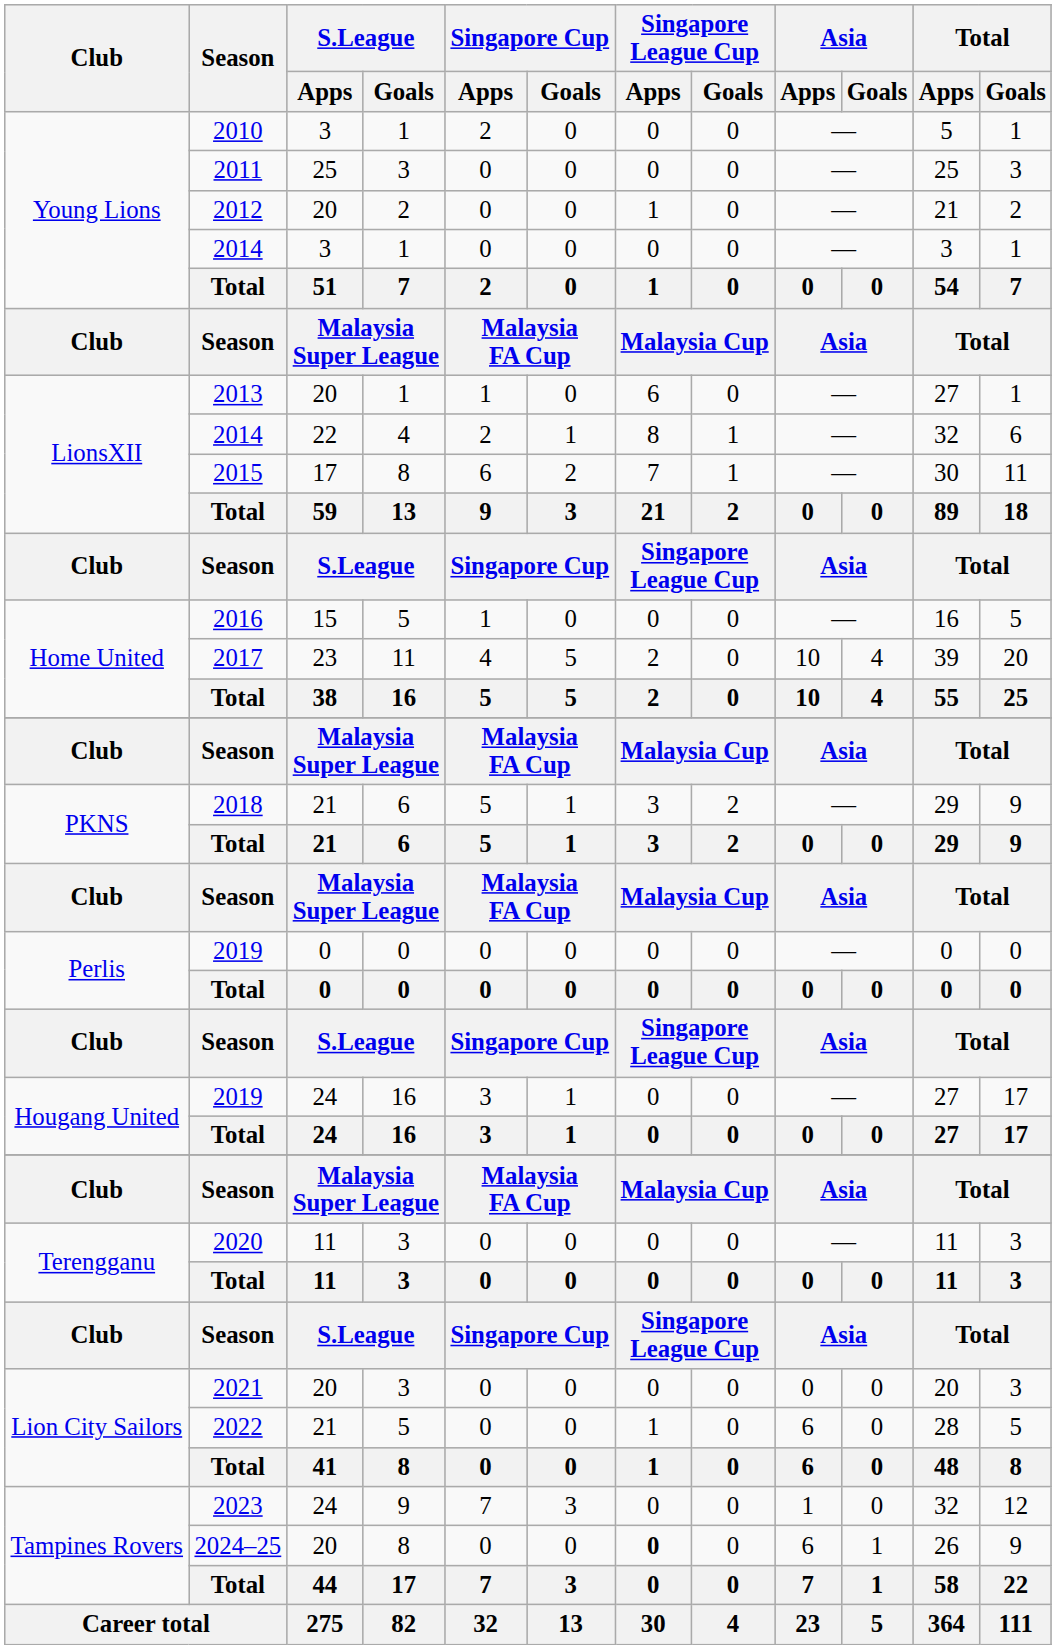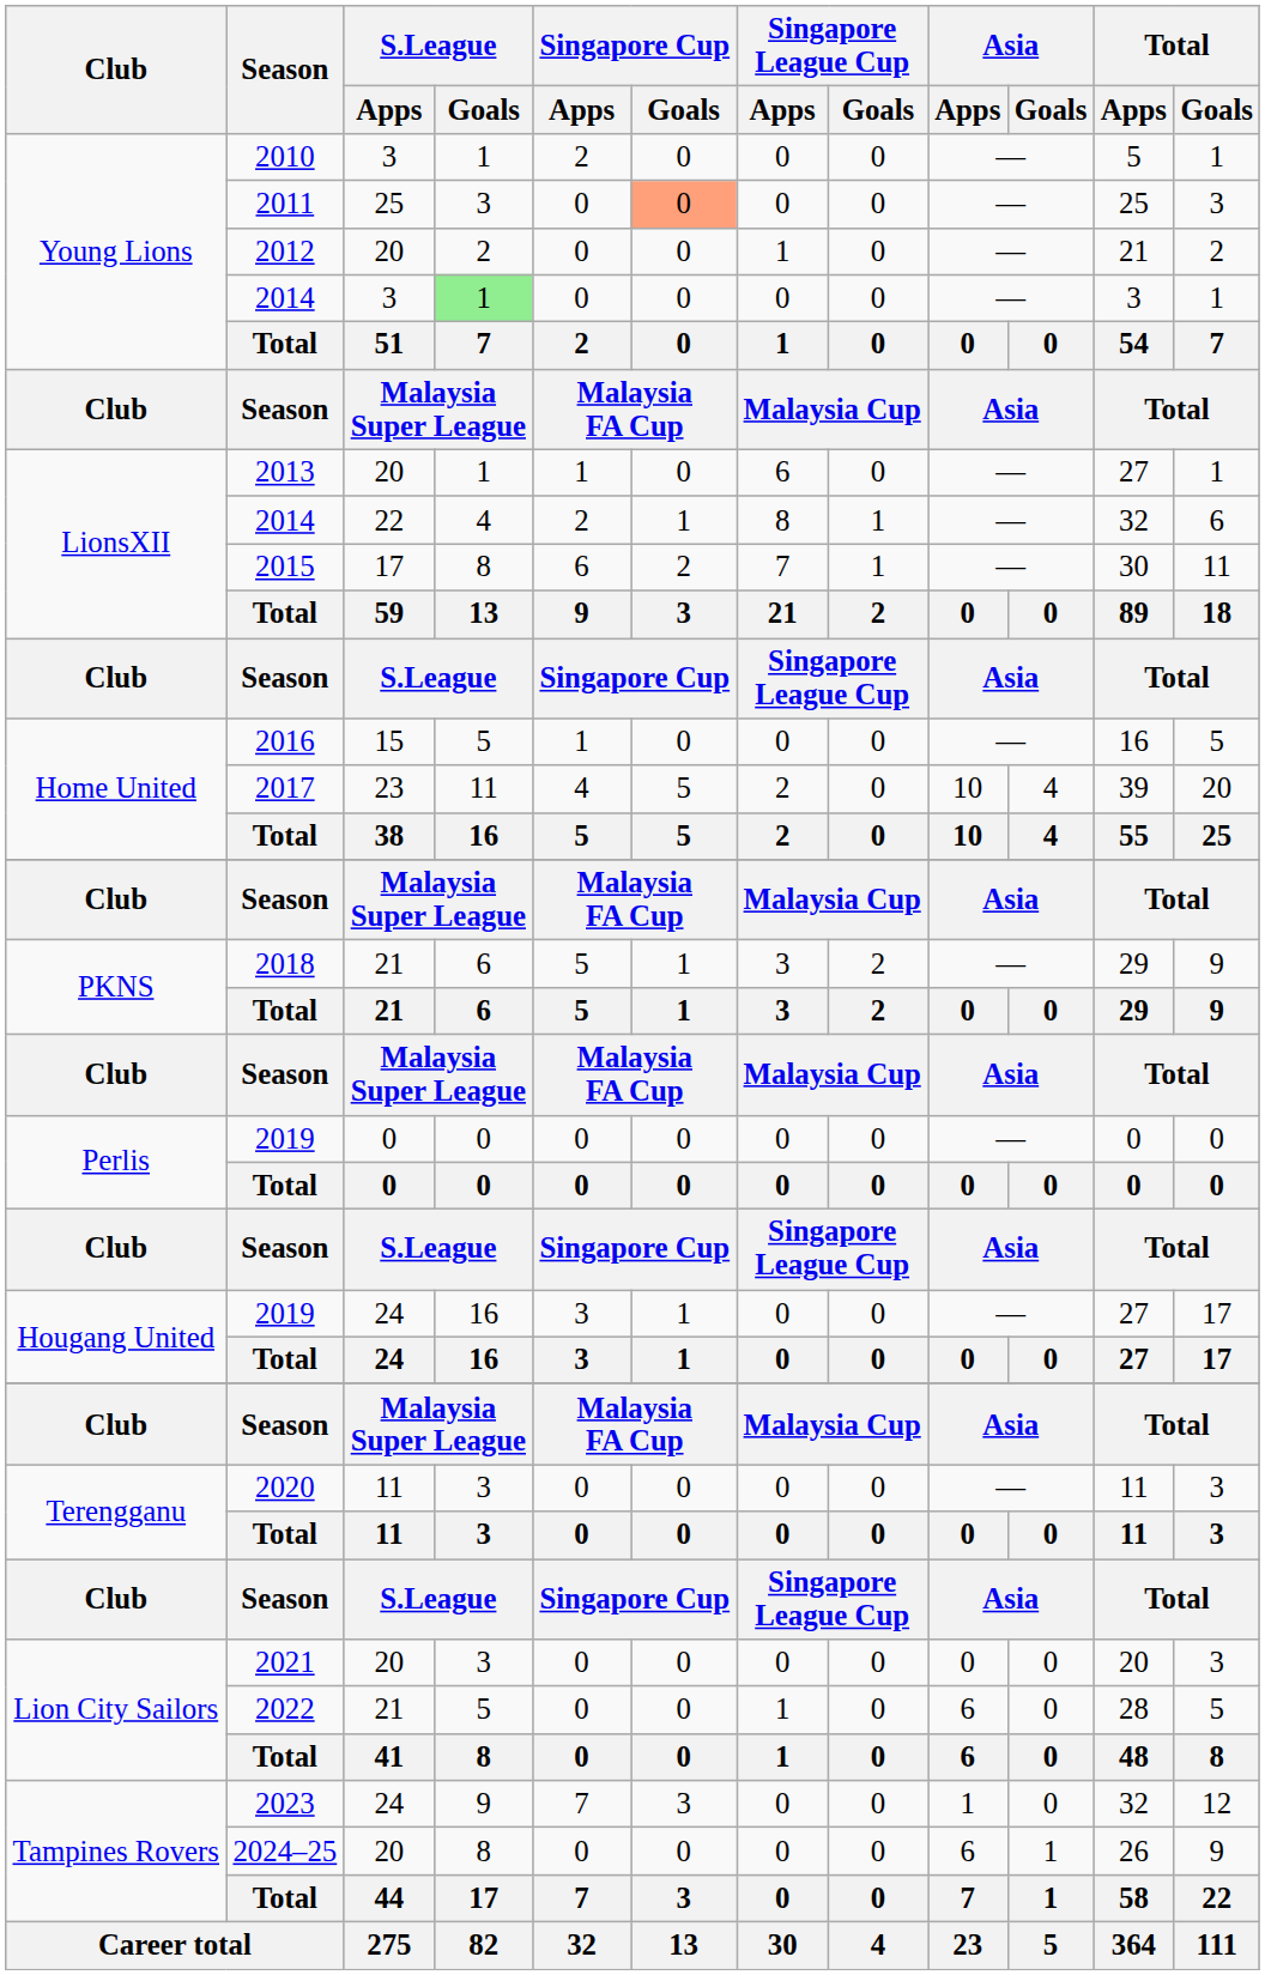 <table class="wikitable" style="text-align:center">
 <tr>
 <th rowspan="2">Club</th>
 <th rowspan="2">Season</th>
 <th colspan="2"><a href='#'>S.League</a></th>
 <th colspan="2"><a href='#'>Singapore Cup</a></th>
 <th colspan="2"><a href='#'>Singapore<br>League Cup</a></th>
 <th colspan="2"><a href='#'>Asia</a></th>
 <th colspan="2">Total</th>
 </tr>
 <tr>
 <th>Apps</th>
 <th>Goals</th>
 <th>Apps</th>
 <th>Goals</th>
 <th>Apps</th>
 <th>Goals</th>
 <th>Apps</th>
 <th>Goals</th>
 <th>Apps</th>
 <th>Goals</th>
 </tr>
 <tr>
 <td rowspan="5"><a href='#'>Young Lions</a></td>
 <td><a href='#'>2010</a></td>
 <td>3</td>
 <td>1</td>
 <td>2</td>
 <td>0</td>
 <td>0</td>
 <td>0</td>
 <td colspan='2'>—</td>
 <td>5</td>
 <td>1</td>
 </tr>
 <tr>
 <td><a href='#'>2011</a></td>
 <td>25</td>
 <td>3</td>
 <td>0</td>
-<td>0</td>
+<td style="background: lightsalmon;">0</td>
 <td>0</td>
 <td>0</td>
 <td colspan="2">—</td>
 <td>25</td>
 <td>3</td>
 </tr>
 <tr>
 <td><a href='#'>2012</a></td>
 <td>20</td>
 <td>2</td>
 <td>0</td>
 <td>0</td>
 <td>1</td>
 <td>0</td>
 <td colspan="2">—</td>
 <td>21</td>
 <td>2</td>
 </tr>
 <tr>
 <td><a href='#'>2014</a></td>
 <td>3</td>
-<td>1</td>
+<td style="background: lightgreen;">1</td>
 <td>0</td>
 <td>0</td>
 <td>0</td>
 <td>0</td>
 <td colspan="2">—</td>
 <td>3</td>
 <td>1</td>
 </tr>
 <tr>
 <th>Total</th>
 <th>51</th>
 <th>7</th>
 <th>2</th>
 <th>0</th>
 <th>1</th>
 <th>0</th>
 <th>0</th>
 <th>0</th>
 <th>54</th>
 <th>7</th>
 </tr>
 <tr>
 <th>Club</th>
 <th>Season</th>
 <th colspan="2"><a href='#'>Malaysia<br>Super League</a></th>
 <th colspan="2"><a href='#'>Malaysia<br>FA Cup</a></th>
 <th colspan="2"><a href='#'>Malaysia Cup</a></th>
 <th colspan="2"><a href='#'>Asia</a></th>
 <th colspan="2">Total</th>
 </tr>
 <tr>
 <td rowspan="4"><a href='#'>LionsXII</a></td>
 <td><a href='#'>2013</a></td>
 <td>20</td>
 <td>1</td>
 <td>1</td>
 <td>0</td>
 <td>6</td>
 <td>0</td>
 <td colspan='2'>—</td>
 <td>27</td>
 <td>1</td>
 </tr>
 <tr>
 <td><a href='#'>2014</a></td>
 <td>22</td>
 <td>4</td>
 <td>2</td>
 <td>1</td>
 <td>8</td>
 <td>1</td>
 <td colspan='2'>—</td>
 <td>32</td>
 <td>6</td>
 </tr>
 <tr>
 <td><a href='#'>2015</a></td>
 <td>17</td>
 <td>8</td>
 <td>6</td>
 <td>2</td>
 <td>7</td>
 <td>1</td>
 <td colspan="2">—</td>
 <td>30</td>
 <td>11</td>
 </tr>
 <tr>
 <th>Total</th>
 <th>59</th>
 <th>13</th>
 <th>9</th>
 <th>3</th>
 <th>21</th>
 <th>2</th>
 <th>0</th>
 <th>0</th>
 <th>89</th>
 <th>18</th>
 </tr>
 <tr>
 <th rowspan="1">Club</th>
 <th rowspan="1">Season</th>
 <th colspan="2"><a href='#'>S.League</a></th>
 <th colspan="2"><a href='#'>Singapore Cup</a></th>
 <th colspan="2"><a href='#'>Singapore<br>League Cup</a></th>
 <th colspan="2"><a href='#'>Asia</a></th>
 <th colspan="2">Total</th>
 </tr>
 <tr>
 <td rowspan="3"><a href='#'>Home United</a></td>
 <td><a href='#'>2016</a></td>
 <td>15</td>
 <td>5</td>
 <td>1</td>
 <td>0</td>
 <td>0</td>
 <td>0</td>
 <td colspan="2">—</td>
 <td>16</td>
 <td>5</td>
 </tr>
 <tr>
 <td><a href='#'>2017</a></td>
 <td>23</td>
 <td>11</td>
 <td>4</td>
 <td>5</td>
 <td>2</td>
 <td>0</td>
 <td>10</td>
 <td>4</td>
 <td>39</td>
 <td>20</td>
 </tr>
 <tr>
 <th>Total</th>
 <th>38</th>
 <th>16</th>
 <th>5</th>
 <th>5</th>
 <th>2</th>
 <th>0</th>
 <th>10</th>
 <th>4</th>
 <th>55</th>
 <th>25</th>
 </tr>
 <tr>
 </tr>
 <tr>
 <th>Club</th>
 <th>Season</th>
 <th colspan="2"><a href='#'>Malaysia<br>Super League</a></th>
 <th colspan="2"><a href='#'>Malaysia<br>FA Cup</a></th>
 <th colspan="2"><a href='#'>Malaysia Cup</a></th>
 <th colspan="2"><a href='#'>Asia</a></th>
 <th colspan="2">Total</th>
 </tr>
 <tr>
 <td rowspan="2"><a href='#'>PKNS</a></td>
 <td><a href='#'>2018</a></td>
 <td>21</td>
 <td>6</td>
 <td>5</td>
 <td>1</td>
 <td>3</td>
 <td>2</td>
 <td colspan='2'>—</td>
 <td>29</td>
 <td>9</td>
 </tr>
 <tr>
 <th>Total</th>
 <th>21</th>
 <th>6</th>
 <th>5</th>
 <th>1</th>
 <th>3</th>
 <th>2</th>
 <th>0</th>
 <th>0</th>
 <th>29</th>
 <th>9</th>
 </tr>
 <tr>
 <th>Club</th>
 <th>Season</th>
 <th colspan="2"><a href='#'>Malaysia<br>Super League</a></th>
 <th colspan="2"><a href='#'>Malaysia<br>FA Cup</a></th>
 <th colspan="2"><a href='#'>Malaysia Cup</a></th>
 <th colspan="2"><a href='#'>Asia</a></th>
 <th colspan="2">Total</th>
 </tr>
 <tr>
 <td rowspan="2"><a href='#'>Perlis</a></td>
 <td><a href='#'>2019</a></td>
 <td>0</td>
 <td>0</td>
 <td>0</td>
 <td>0</td>
 <td>0</td>
 <td>0</td>
 <td colspan='2'>—</td>
 <td>0</td>
 <td>0</td>
 </tr>
 <tr>
 <th>Total</th>
 <th>0</th>
 <th>0</th>
 <th>0</th>
 <th>0</th>
 <th>0</th>
 <th>0</th>
 <th>0</th>
 <th>0</th>
 <th>0</th>
 <th>0</th>
 </tr>
 <tr>
 <th rowspan="1">Club</th>
 <th rowspan="1">Season</th>
 <th colspan="2"><a href='#'>S.League</a></th>
 <th colspan="2"><a href='#'>Singapore Cup</a></th>
 <th colspan="2"><a href='#'>Singapore<br>League Cup</a></th>
 <th colspan="2"><a href='#'>Asia</a></th>
 <th colspan="2">Total</th>
 </tr>
 <tr>
 <td rowspan="2"><a href='#'>Hougang United</a></td>
 <td><a href='#'>2019</a></td>
 <td>24</td>
 <td>16</td>
 <td>3</td>
 <td>1</td>
 <td>0</td>
 <td>0</td>
 <td colspan="2">—</td>
 <td>27</td>
 <td>17</td>
 </tr>
 <tr>
 <th>Total</th>
 <th>24</th>
 <th>16</th>
 <th>3</th>
 <th>1</th>
 <th>0</th>
 <th>0</th>
 <th>0</th>
 <th>0</th>
 <th>27</th>
 <th>17</th>
 </tr>
 <tr>
 </tr>
 <tr>
 <th>Club</th>
 <th>Season</th>
 <th colspan="2"><a href='#'>Malaysia<br>Super League</a></th>
 <th colspan="2"><a href='#'>Malaysia<br>FA Cup</a></th>
 <th colspan="2"><a href='#'>Malaysia Cup</a></th>
 <th colspan="2"><a href='#'>Asia</a></th>
 <th colspan="2">Total</th>
 </tr>
 <tr>
 <td rowspan="2"><a href='#'>Terengganu</a></td>
 <td><a href='#'>2020</a></td>
 <td>11</td>
 <td>3</td>
 <td>0</td>
 <td>0</td>
 <td>0</td>
 <td>0</td>
 <td colspan='2'>—</td>
 <td>11</td>
 <td>3</td>
 </tr>
 <tr>
 <th>Total</th>
 <th>11</th>
 <th>3</th>
 <th>0</th>
 <th>0</th>
 <th>0</th>
 <th>0</th>
 <th>0</th>
 <th>0</th>
 <th>11</th>
 <th>3</th>
 </tr>
 <tr>
 <th rowspan="1">Club</th>
 <th rowspan="1">Season</th>
 <th colspan="2"><a href='#'>S.League</a></th>
 <th colspan="2"><a href='#'>Singapore Cup</a></th>
 <th colspan="2"><a href='#'>Singapore<br>League Cup</a></th>
 <th colspan="2"><a href='#'>Asia</a></th>
 <th colspan="2">Total</th>
 </tr>
 <tr>
 <td rowspan="3"><a href='#'>Lion City Sailors</a></td>
 <td><a href='#'>2021</a></td>
 <td>20</td>
 <td>3</td>
 <td>0</td>
 <td>0</td>
 <td>0</td>
 <td>0</td>
 <td>0</td>
 <td>0</td>
 <td>20</td>
 <td>3</td>
 </tr>
 <tr>
 <td><a href='#'>2022</a></td>
 <td>21</td>
 <td>5</td>
 <td>0</td>
 <td>0</td>
 <td>1</td>
 <td>0</td>
 <td>6</td>
 <td>0</td>
 <td>28</td>
 <td>5</td>
 </tr>
 <tr>
 <th>Total</th>
 <th>41</th>
 <th>8</th>
 <th>0</th>
 <th>0</th>
 <th>1</th>
 <th>0</th>
 <th>6</th>
 <th>0</th>
 <th>48</th>
 <th>8</th>
 </tr>
 <tr>
 <td rowspan="3"><a href='#'>Tampines Rovers</a></td>
 <td><a href='#'>2023</a></td>
 <td>24</td>
 <td>9</td>
 <td>7</td>
 <td>3</td>
 <td>0</td>
 <td>0</td>
 <td>1</td>
 <td>0</td>
 <td>32</td>
 <td>12</td>
 </tr>
 <tr>
 <td><a href='#'>2024–25</a></td>
 <td>20</td>
 <td>8</td>
 <td>0</td>
 <td>0</td>
-<td><strong>0</strong></td>
+<td>0</td>
 <td>0</td>
 <td>6</td>
 <td>1</td>
 <td>26</td>
 <td>9</td>
 </tr>
 <tr>
 <th>Total</th>
 <th>44</th>
 <th>17</th>
 <th>7</th>
 <th>3</th>
 <th>0</th>
 <th>0</th>
 <th>7</th>
 <th>1</th>
 <th>58</th>
 <th>22</th>
 </tr>
 <tr>
 <th colspan="2">Career total</th>
 <th>275</th>
 <th>82</th>
 <th>32</th>
 <th>13</th>
 <th>30</th>
 <th>4</th>
 <th>23</th>
 <th>5</th>
 <th>364</th>
 <th>111</th>
 </tr>
 </table>
